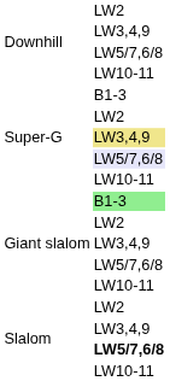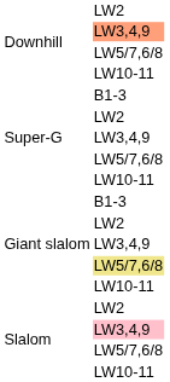 <table>
 <tr>
 <td rowspan="4">Downhill</td>
 <td>LW2<br></td>
 <td></td>
 <td></td>
 <td></td>
 </tr>
 <tr>
-<td>LW3,4,9<br></td>
+<td style="background: lightsalmon;">LW3,4,9<br></td>
 <td></td>
 <td></td>
 <td></td>
 </tr>
 <tr>
 <td>LW5/7,6/8<br></td>
 <td></td>
 <td></td>
 <td></td>
 </tr>
 <tr>
 <td>LW10-11<br></td>
 <td></td>
 <td></td>
 <td></td>
 </tr>
 <tr>
 <td rowspan="5">Super-G</td>
 <td>B1-3<br></td>
 <td></td>
 <td></td>
 <td></td>
 </tr>
 <tr>
 <td>LW2<br></td>
 <td></td>
 <td></td>
 <td></td>
 </tr>
 <tr>
-<td style="background: khaki;">LW3,4,9<br></td>
-<td></td>
-<td></td>
-<td></td>
-</tr>
-<tr>
-<td style="background: lavender;">LW5/7,6/8<br></td>
-<td></td>
-<td></td>
-<td></td>
-</tr>
-<tr>
-<td>LW10-11<br></td>
-<td></td>
-<td></td>
-<td></td>
-</tr>
-<tr>
-<td rowspan="5">Giant slalom</td>
-<td style="background: lightgreen;">B1-3<br></td>
-<td></td>
-<td></td>
-<td></td>
-</tr>
-<tr>
-<td>LW2<br></td>
-<td></td>
-<td></td>
-<td></td>
-</tr>
-<tr>
 <td>LW3,4,9<br></td>
 <td></td>
 <td></td>
 <td></td>
 </tr>
 <tr>
 <td>LW5/7,6/8<br></td>
 <td></td>
 <td></td>
 <td></td>
 </tr>
 <tr>
 <td>LW10-11<br></td>
 <td></td>
 <td></td>
 <td></td>
 </tr>
 <tr>
-<td rowspan="4">Slalom</td>
+<td rowspan="5">Giant slalom</td>
+<td>B1-3<br></td>
+<td></td>
+<td></td>
+<td></td>
+</tr>
+<tr>
 <td>LW2<br></td>
 <td></td>
 <td></td>
 <td></td>
 </tr>
 <tr>
 <td>LW3,4,9<br></td>
 <td></td>
 <td></td>
 <td></td>
 </tr>
 <tr>
-<td><strong>LW5/7,6/8<br></strong></td>
+<td style="background: khaki;">LW5/7,6/8<br></td>
+<td></td>
+<td></td>
+<td></td>
+</tr>
+<tr>
+<td>LW10-11<br></td>
+<td></td>
+<td></td>
+<td></td>
+</tr>
+<tr>
+<td rowspan="4">Slalom</td>
+<td>LW2<br></td>
+<td></td>
+<td></td>
+<td></td>
+</tr>
+<tr>
+<td style="background: pink;">LW3,4,9<br></td>
+<td></td>
+<td></td>
+<td></td>
+</tr>
+<tr>
+<td>LW5/7,6/8<br></td>
 <td></td>
 <td></td>
 <td></td>
 </tr>
 <tr>
 <td>LW10-11<br></td>
 <td></td>
 <td></td>
 <td></td>
 </tr>
 </table>
